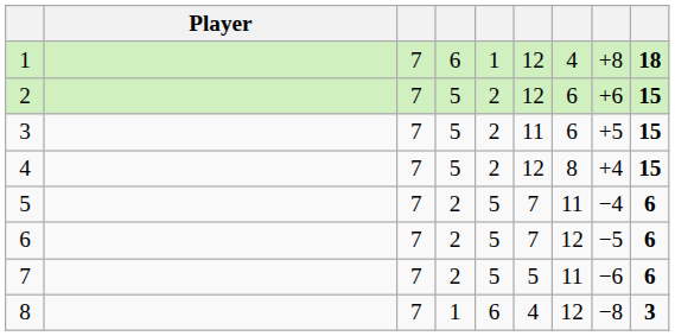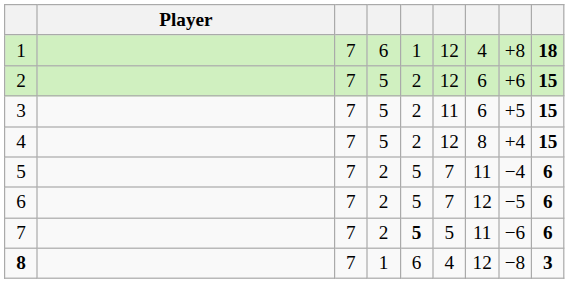 <table class="wikitable" style="text-align:center; margin: 1em auto 1em auto, align:left">
 <tr>
 <th width=20></th>
 <th width=240>Player</th>
 <th width=20></th>
 <th width=20></th>
 <th width=20></th>
 <th width=20></th>
 <th width=20></th>
 <th width=20></th>
 <th width=20></th>
 </tr>
 <tr style="background:#D0F0C0;">
 <td>1</td>
 <td align=left></td>
 <td>7</td>
 <td>6</td>
 <td>1</td>
 <td>12</td>
 <td>4</td>
 <td>+8</td>
 <td><strong>18</strong></td>
 </tr>
 <tr style="background:#D0F0C0;">
 <td>2</td>
 <td align=left></td>
 <td>7</td>
 <td>5</td>
 <td>2</td>
 <td>12</td>
 <td>6</td>
 <td>+6</td>
 <td><strong>15</strong></td>
 </tr>
 <tr style=>
 <td>3</td>
 <td align=left></td>
 <td>7</td>
 <td>5</td>
 <td>2</td>
 <td>11</td>
 <td>6</td>
 <td>+5</td>
 <td><strong>15</strong></td>
 </tr>
 <tr style=>
 <td>4</td>
 <td align=left></td>
 <td>7</td>
 <td>5</td>
 <td>2</td>
 <td>12</td>
 <td>8</td>
 <td>+4</td>
 <td><strong>15</strong></td>
 </tr>
 <tr style=>
 <td>5</td>
 <td align=left></td>
 <td>7</td>
 <td>2</td>
 <td>5</td>
 <td>7</td>
 <td>11</td>
 <td>−4</td>
 <td><strong>6</strong></td>
 </tr>
 <tr style=>
 <td>6</td>
 <td align=left></td>
 <td>7</td>
 <td>2</td>
 <td>5</td>
 <td>7</td>
 <td>12</td>
 <td>−5</td>
 <td><strong>6</strong></td>
 </tr>
 <tr style=>
 <td>7</td>
 <td align=left></td>
 <td>7</td>
 <td>2</td>
-<td>5</td>
+<td><strong>5</strong></td>
 <td>5</td>
 <td>11</td>
 <td>−6</td>
 <td><strong>6</strong></td>
 </tr>
 <tr style=>
-<td>8</td>
+<td><strong>8</strong></td>
 <td align=left></td>
 <td>7</td>
 <td>1</td>
 <td>6</td>
 <td>4</td>
 <td>12</td>
 <td>−8</td>
 <td><strong>3</strong></td>
 </tr>
 </table>
